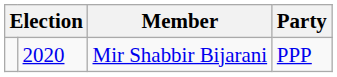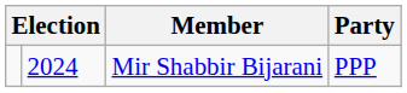 <table class="wikitable">
 <tr>
 <th colspan="2">Election</th>
 <th>Member</th>
 <th>Party</th>
 </tr>
 <tr>
 <td style="background-color: "></td>
-<td><a href='#'>2020</a></td>
+<td><a href='#'>2024</a></td>
 <td><a href='#'>Mir Shabbir Bijarani</a></td>
 <td><a href='#'>PPP</a></td>
 </tr>
 </table>
